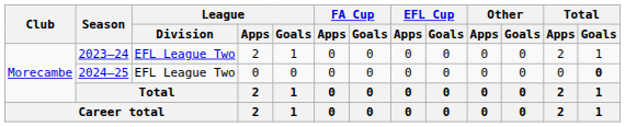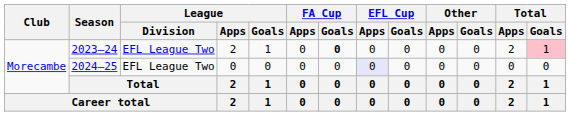 <table class="wikitable" style="text-align:center;">
 <tr>
 <th rowspan="2">Club</th>
 <th rowspan="2">Season</th>
 <th colspan="3">League</th>
 <th colspan="2"><a href='#'>FA Cup</a></th>
 <th colspan="2"><a href='#'>EFL Cup</a></th>
 <th colspan="2">Other</th>
 <th colspan="2">Total</th>
 </tr>
 <tr>
 <th>Division</th>
 <th>Apps</th>
 <th>Goals</th>
 <th>Apps</th>
 <th>Goals</th>
 <th>Apps</th>
 <th>Goals</th>
 <th>Apps</th>
 <th>Goals</th>
 <th>Apps</th>
 <th>Goals</th>
 </tr>
 <tr>
 <td rowspan=3><a href='#'>Morecambe</a></td>
 <td><a href='#'>2023–24</a></td>
 <td><a href='#'>EFL League Two</a></td>
 <td>2</td>
 <td>1</td>
 <td>0</td>
-<td>0</td>
+<td><strong>0</strong></td>
 <td>0</td>
 <td>0</td>
 <td>0</td>
 <td>0</td>
 <td>2</td>
-<td>1</td>
+<td style="background: pink;">1</td>
 </tr>
 <tr>
 <td><a href='#'>2024–25</a></td>
 <td>EFL League Two</td>
 <td>0</td>
 <td>0</td>
 <td>0</td>
 <td>0</td>
+<td style="background: lavender;">0</td>
 <td>0</td>
 <td>0</td>
 <td>0</td>
 <td>0</td>
 <td>0</td>
-<td><strong>0</strong></td>
 </tr>
 <tr>
 <th colspan="2">Total</th>
 <th>2</th>
 <th>1</th>
 <th>0</th>
 <th>0</th>
 <th>0</th>
 <th>0</th>
 <th>0</th>
 <th>0</th>
 <th>2</th>
 <th>1</th>
 </tr>
 <tr>
 <th colspan="3">Career total</th>
 <th>2</th>
 <th>1</th>
 <th>0</th>
 <th>0</th>
 <th>0</th>
 <th>0</th>
 <th>0</th>
 <th>0</th>
 <th>2</th>
 <th>1</th>
 </tr>
 </table>
